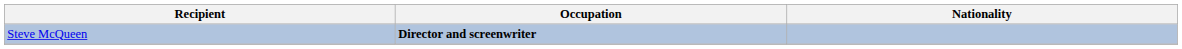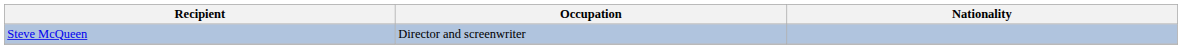 <table class="wikitable" width="95%" cellpadding="5">
 <tr>
 <th width="25%">Recipient</th>
 <th width="25%">Occupation</th>
 <th width="25%">Nationality</th>
 </tr>
 <tr style="background:#B0C4DE;">
 <td><a href='#'>Steve McQueen</a></td>
-<td><strong>Director and screenwriter</strong></td>
+<td>Director and screenwriter</td>
 <td></td>
 </tr>
 <tr>
 </tr>
 </table>
